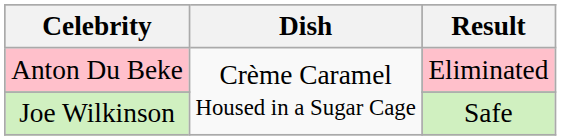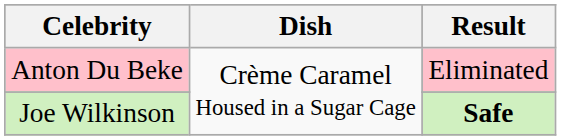 <table class="wikitable" style="text-align:center;">
 <tr>
 <th>Celebrity</th>
 <th>Dish</th>
 <th>Result</th>
 </tr>
 <tr>
 <td style="background:pink;">Anton Du Beke</td>
 <td rowspan="2">Crème Caramel<br><small>Housed in a Sugar Cage</small></td>
 <td style="background:pink;">Eliminated</td>
 </tr>
 <tr>
 <td style="background:#d0f0c0;">Joe Wilkinson</td>
-<td style="background:#d0f0c0;">Safe</td>
+<td style="background:#d0f0c0;"><strong>Safe</strong></td>
 </tr>
 </table>
